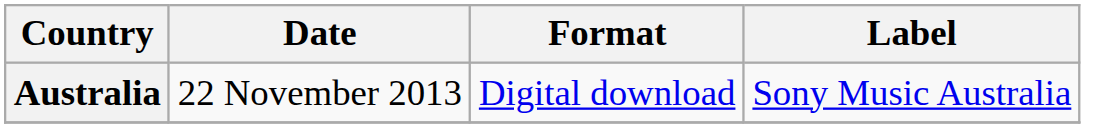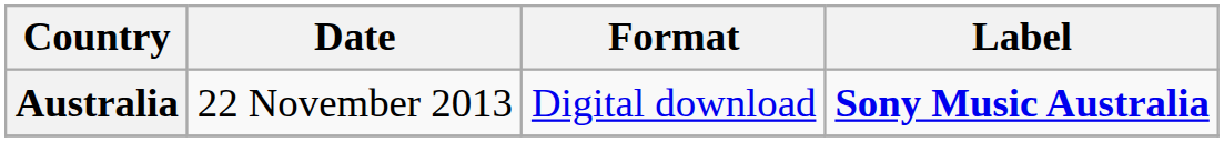 <table class="wikitable plainrowheaders">
 <tr>
 <th scope="col">Country</th>
 <th scope="col">Date</th>
 <th scope="col">Format</th>
 <th scope="col">Label</th>
 </tr>
 <tr>
 <th scope="row">Australia</th>
 <td>22 November 2013</td>
 <td><a href='#'>Digital download</a></td>
-<td><a href='#'>Sony Music Australia</a></td>
+<td><strong><a href='#'>Sony Music Australia</a></strong></td>
 </tr>
 <tr>
 </tr>
 </table>
